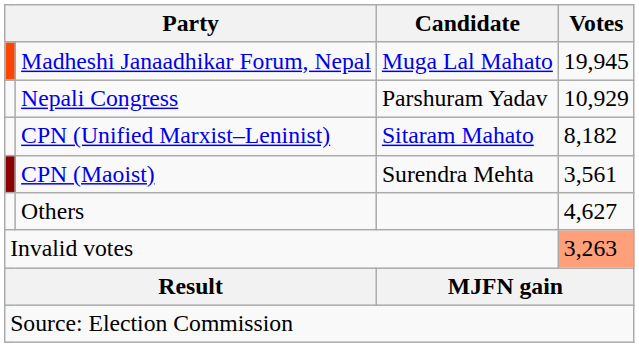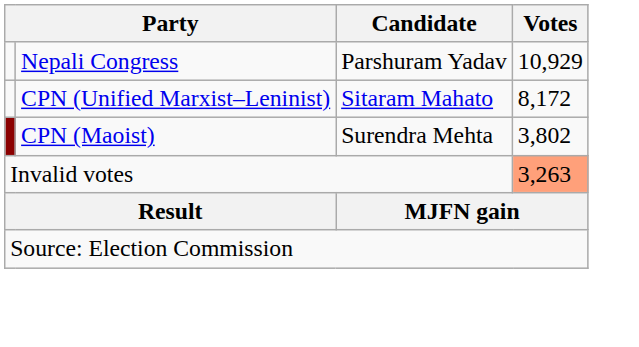 <table class="wikitable">
 <tr>
 <th colspan="2">Party</th>
 <th>Candidate</th>
 <th>Votes</th>
-</tr>
-<tr>
-<td style="background-color:orangered"></td>
-<td><a href='#'>Madheshi Janaadhikar Forum, Nepal</a></td>
-<td><a href='#'>Muga Lal Mahato</a></td>
-<td>19,945</td>
 </tr>
 <tr>
 <td style="background-color:"></td>
 <td><a href='#'>Nepali Congress</a></td>
 <td>Parshuram Yadav</td>
 <td>10,929</td>
 </tr>
 <tr>
 <td style="background-color:"></td>
 <td><a href='#'>CPN (Unified Marxist–Leninist)</a></td>
 <td><a href='#'>Sitaram Mahato</a></td>
-<td>8,182</td>
+<td>8,172</td>
 </tr>
 <tr>
 <td style="background-color:darkred"></td>
 <td><a href='#'>CPN (Maoist)</a></td>
 <td>Surendra Mehta</td>
-<td>3,561</td>
-</tr>
-<tr>
-<td></td>
-<td>Others</td>
-<td></td>
-<td>4,627</td>
+<td>3,802</td>
 </tr>
 <tr>
 <td colspan="3">Invalid votes</td>
 <td style="background: lightsalmon;">3,263</td>
 </tr>
 <tr>
 <th colspan="2">Result</th>
 <th colspan="2">MJFN gain</th>
 </tr>
 <tr>
 <td colspan="4">Source: Election Commission</td>
 </tr>
 </table>
